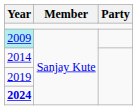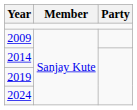 <table class = "wikitable">
 <tr>
 <th>Year</th>
 <th>Member</th>
 <th colspan="2">Party</th>
 </tr>
 <tr>
 <td colspan="4"></td>
 </tr>
 <tr>
-<td style="background: paleturquoise;"><a href='#'>2009</a></td>
+<td><a href='#'>2009</a></td>
 <td rowspan="4"><a href='#'>Sanjay Kute</a></td>
 <td></td>
 </tr>
 <tr>
 <td><a href='#'>2014</a></td>
 </tr>
 <tr>
 <td><a href='#'>2019</a></td>
 </tr>
 <tr>
-<td><strong><a href='#'>2024</a></strong></td>
+<td><a href='#'>2024</a></td>
 </tr>
 </table>
